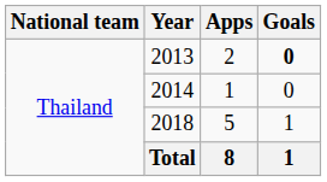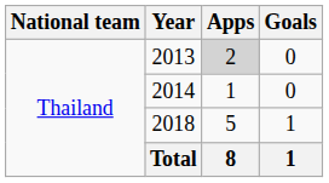 <table class="wikitable" style="text-align:center">
 <tr>
 <th>National team</th>
 <th>Year</th>
 <th>Apps</th>
 <th>Goals</th>
 </tr>
 <tr>
 <td rowspan="9" valign="center"><a href='#'>Thailand</a></td>
 <td>2013</td>
-<td>2</td>
-<td><strong>0</strong></td>
+<td style="background: lightgrey;">2</td>
+<td>0</td>
 </tr>
 <tr>
 <td>2014</td>
 <td>1</td>
 <td>0</td>
 </tr>
 <tr>
 <td>2018</td>
 <td>5</td>
 <td>1</td>
 </tr>
 <tr>
 <th>Total</th>
 <th>8</th>
 <th>1</th>
 </tr>
 </table>
